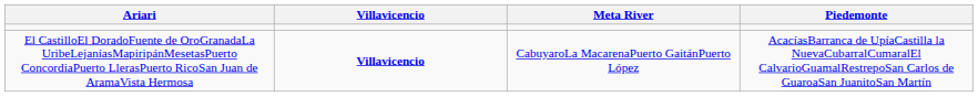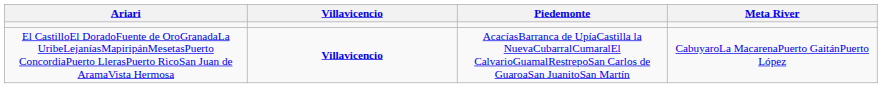 <table class="wikitable">
 <tr>
 <th width="17%"><a href='#'>Ariari</a></th>
 <th width="17%"><a href='#'>Villavicencio</a></th>
+<th width="17%"><a href='#'>Piedemonte</a></th>
 <th width="17%"><a href='#'>Meta River</a></th>
-<th width="17%"><a href='#'>Piedemonte</a></th>
 </tr>
 <tr>
 <td></td>
 <td></td>
 <td></td>
 <td></td>
 </tr>
 <tr style="text-align:center;">
 <td><a href='#'>El Castillo</a><a href='#'>El Dorado</a><a href='#'>Fuente de Oro</a><a href='#'>Granada</a><a href='#'>La Uribe</a><a href='#'>Lejanías</a><a href='#'>Mapiripán</a><a href='#'>Mesetas</a><a href='#'>Puerto Concordia</a><a href='#'>Puerto Lleras</a><a href='#'>Puerto Rico</a><a href='#'>San Juan de Arama</a><a href='#'>Vista Hermosa</a></td>
 <td><strong><a href='#'>Villavicencio</a></strong></td>
+<td><a href='#'>Acacías</a><a href='#'>Barranca de Upía</a><a href='#'>Castilla la Nueva</a><a href='#'>Cubarral</a><a href='#'>Cumaral</a><a href='#'>El Calvario</a><a href='#'>Guamal</a><a href='#'>Restrepo</a><a href='#'>San Carlos de Guaroa</a><a href='#'>San Juanito</a><a href='#'>San Martín</a></td>
 <td><a href='#'>Cabuyaro</a><a href='#'>La Macarena</a><a href='#'>Puerto Gaitán</a><a href='#'>Puerto López</a></td>
-<td><a href='#'>Acacías</a><a href='#'>Barranca de Upía</a><a href='#'>Castilla la Nueva</a><a href='#'>Cubarral</a><a href='#'>Cumaral</a><a href='#'>El Calvario</a><a href='#'>Guamal</a><a href='#'>Restrepo</a><a href='#'>San Carlos de Guaroa</a><a href='#'>San Juanito</a><a href='#'>San Martín</a></td>
 </tr>
 </table>
